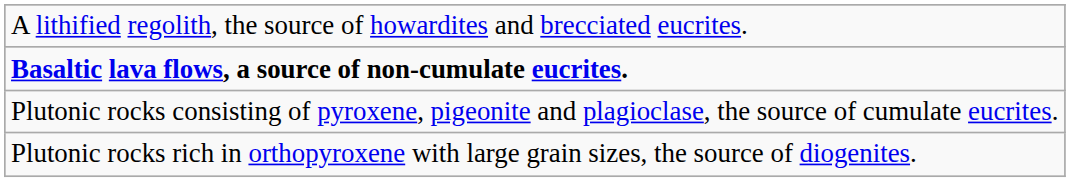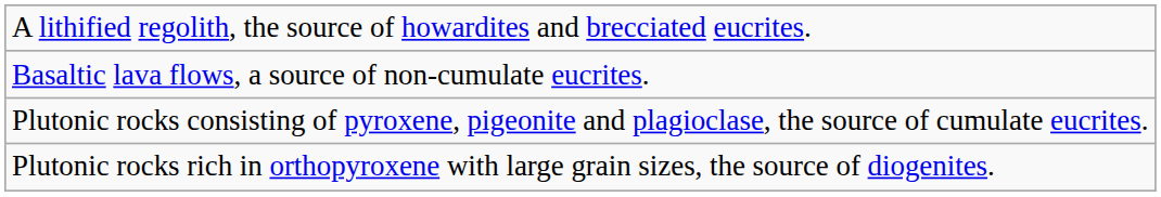 <table class=wikitable>
 <tr>
 <td>A <a href='#'>lithified</a> <a href='#'>regolith</a>, the source of <a href='#'>howardites</a> and <a href='#'>brecciated</a> <a href='#'>eucrites</a>.</td>
 </tr>
 <tr>
-<td><strong><a href='#'>Basaltic</a> <a href='#'>lava flows</a>, a source of non-cumulate <a href='#'>eucrites</a>.</strong></td>
+<td><a href='#'>Basaltic</a> <a href='#'>lava flows</a>, a source of non-cumulate <a href='#'>eucrites</a>.</td>
 </tr>
 <tr>
 <td>Plutonic rocks consisting of <a href='#'>pyroxene</a>, <a href='#'>pigeonite</a> and <a href='#'>plagioclase</a>, the source of cumulate <a href='#'>eucrites</a>.</td>
 </tr>
 <tr>
 <td>Plutonic rocks rich in <a href='#'>orthopyroxene</a> with large grain sizes, the source of <a href='#'>diogenites</a>.</td>
 </tr>
 </table>
